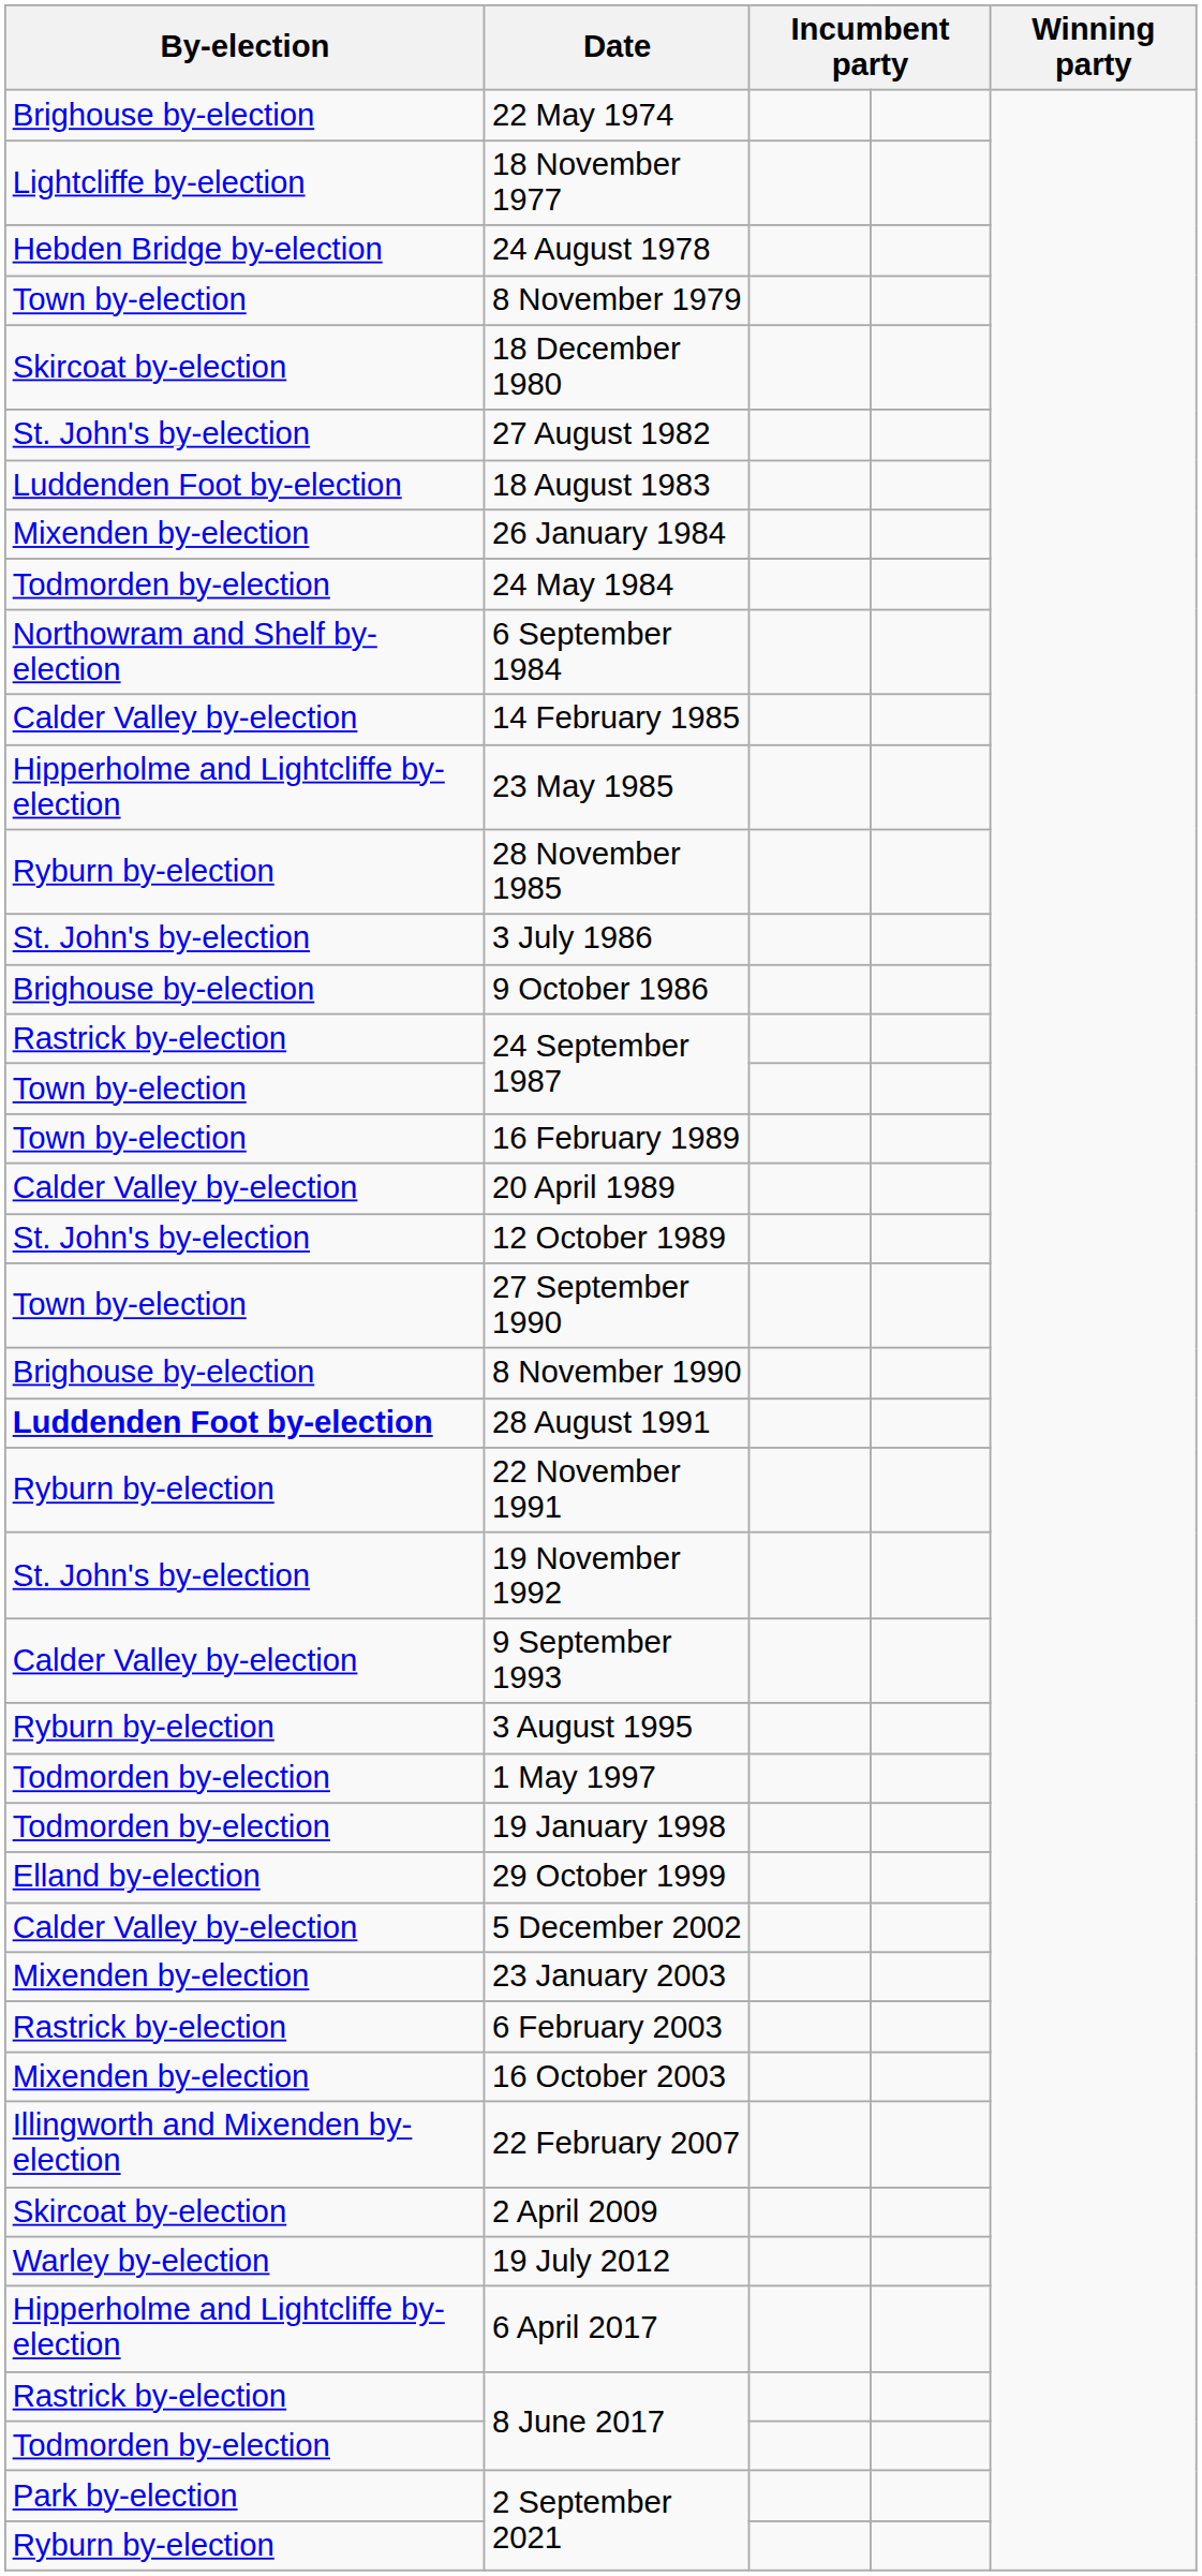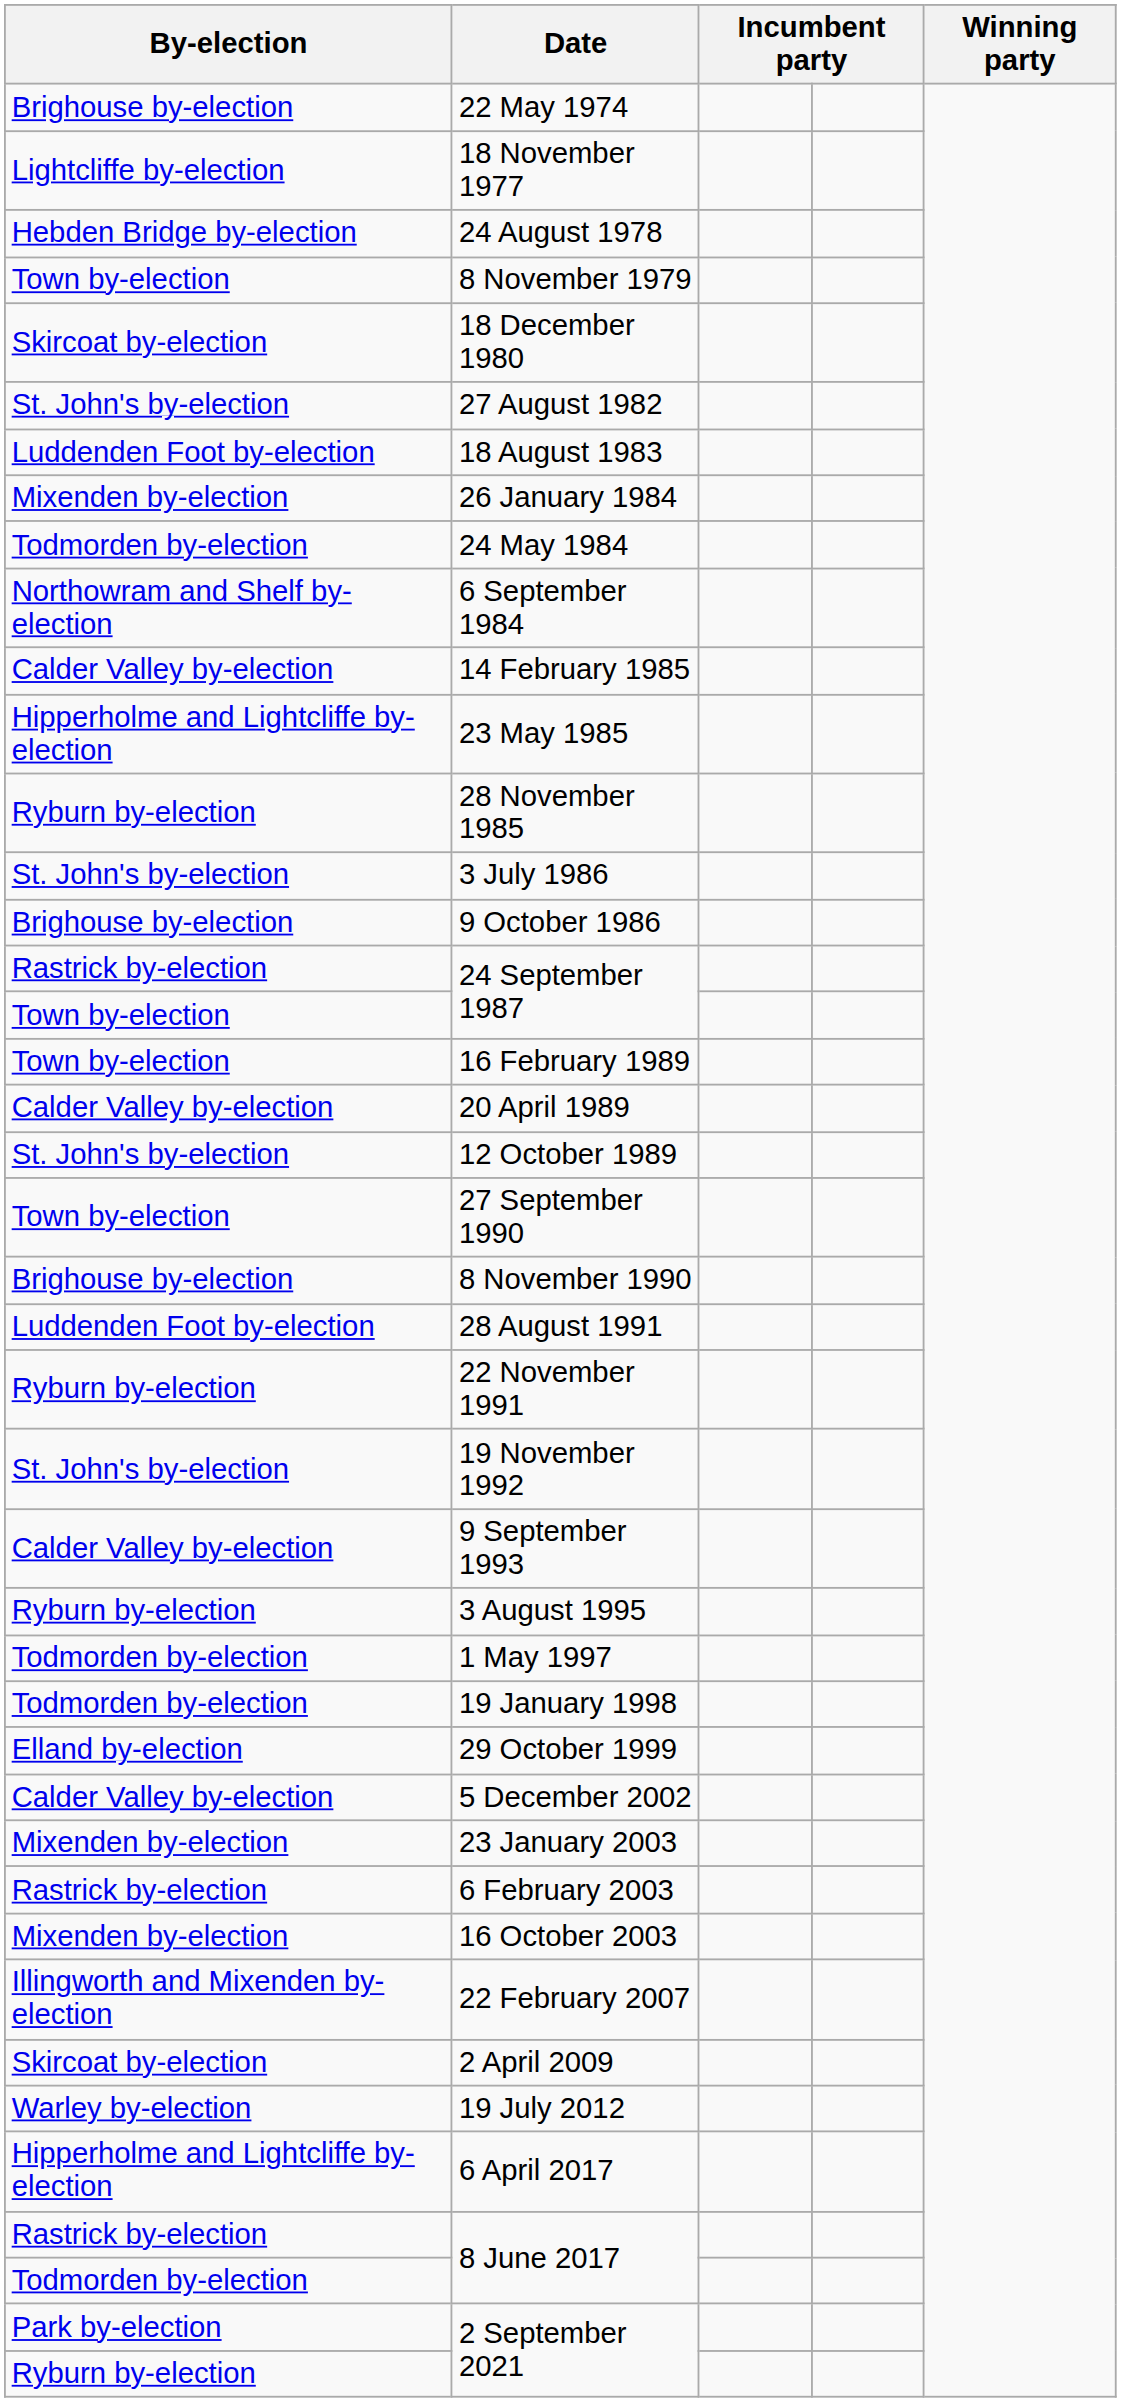 <table class="wikitable">
 <tr>
 <th>By-election</th>
 <th>Date</th>
 <th colspan=2>Incumbent party</th>
 <th colspan=2>Winning party</th>
 </tr>
 <tr>
 <td><a href='#'>Brighouse by-election</a></td>
 <td>22 May 1974</td>
 <td></td>
 <td></td>
 </tr>
 <tr>
 <td><a href='#'>Lightcliffe by-election</a></td>
 <td>18 November 1977</td>
 <td></td>
 <td></td>
 </tr>
 <tr>
 <td><a href='#'>Hebden Bridge by-election</a></td>
 <td>24 August 1978</td>
 <td></td>
 <td></td>
 </tr>
 <tr>
 <td><a href='#'>Town by-election</a></td>
 <td>8 November 1979</td>
 <td></td>
 <td></td>
 </tr>
 <tr>
 <td><a href='#'>Skircoat by-election</a></td>
 <td>18 December 1980</td>
 <td></td>
 <td></td>
 </tr>
 <tr>
 <td><a href='#'>St. John's by-election</a></td>
 <td>27 August 1982</td>
 <td></td>
 <td></td>
 </tr>
 <tr>
 <td><a href='#'>Luddenden Foot by-election</a></td>
 <td>18 August 1983</td>
 <td></td>
 <td></td>
 </tr>
 <tr>
 <td><a href='#'>Mixenden by-election</a></td>
 <td>26 January 1984</td>
 <td></td>
 <td></td>
 </tr>
 <tr>
 <td><a href='#'>Todmorden by-election</a></td>
 <td>24 May 1984</td>
 <td></td>
 <td></td>
 </tr>
 <tr>
 <td><a href='#'>Northowram and Shelf by-election</a></td>
 <td>6 September 1984</td>
 <td></td>
 <td></td>
 </tr>
 <tr>
 <td><a href='#'>Calder Valley by-election</a></td>
 <td>14 February 1985</td>
 <td></td>
 <td></td>
 </tr>
 <tr>
 <td><a href='#'>Hipperholme and Lightcliffe by-election</a></td>
 <td>23 May 1985</td>
 <td></td>
 <td></td>
 </tr>
 <tr>
 <td><a href='#'>Ryburn by-election</a></td>
 <td>28 November 1985</td>
 <td></td>
 <td></td>
 </tr>
 <tr>
 <td><a href='#'>St. John's by-election</a></td>
 <td>3 July 1986</td>
 <td></td>
 <td></td>
 </tr>
 <tr>
 <td><a href='#'>Brighouse by-election</a></td>
 <td>9 October 1986</td>
 <td></td>
 <td></td>
 </tr>
 <tr>
 <td><a href='#'>Rastrick by-election</a></td>
 <td rowspan="2">24 September 1987</td>
 <td></td>
 <td></td>
 </tr>
 <tr>
 <td><a href='#'>Town by-election</a></td>
 <td></td>
 <td></td>
 </tr>
 <tr>
 <td><a href='#'>Town by-election</a></td>
 <td>16 February 1989</td>
 <td></td>
 <td></td>
 </tr>
 <tr>
 <td><a href='#'>Calder Valley by-election</a></td>
 <td>20 April 1989</td>
 <td></td>
 <td></td>
 </tr>
 <tr>
 <td><a href='#'>St. John's by-election</a></td>
 <td>12 October 1989</td>
 <td></td>
 <td></td>
 </tr>
 <tr>
 <td><a href='#'>Town by-election</a></td>
 <td>27 September 1990</td>
 <td></td>
 <td></td>
 </tr>
 <tr>
 <td><a href='#'>Brighouse by-election</a></td>
 <td>8 November 1990</td>
 <td></td>
 <td></td>
 </tr>
 <tr>
-<td><strong><a href='#'>Luddenden Foot by-election</a></strong></td>
+<td><a href='#'>Luddenden Foot by-election</a></td>
 <td>28 August 1991</td>
 <td></td>
 <td></td>
 </tr>
 <tr>
 <td><a href='#'>Ryburn by-election</a></td>
 <td>22 November 1991</td>
 <td></td>
 <td></td>
 </tr>
 <tr>
 <td><a href='#'>St. John's by-election</a></td>
 <td>19 November 1992</td>
 <td></td>
 <td></td>
 </tr>
 <tr>
 <td><a href='#'>Calder Valley by-election</a></td>
 <td>9 September 1993</td>
 <td></td>
 <td></td>
 </tr>
 <tr>
 <td><a href='#'>Ryburn by-election</a></td>
 <td>3 August 1995</td>
 <td></td>
 <td></td>
 </tr>
 <tr>
 <td><a href='#'>Todmorden by-election</a></td>
 <td>1 May 1997</td>
 <td></td>
 <td></td>
 </tr>
 <tr>
 <td><a href='#'>Todmorden by-election</a></td>
 <td>19 January 1998</td>
 <td></td>
 <td></td>
 </tr>
 <tr>
 <td><a href='#'>Elland by-election</a></td>
 <td>29 October 1999</td>
 <td></td>
 <td></td>
 </tr>
 <tr>
 <td><a href='#'>Calder Valley by-election</a></td>
 <td>5 December 2002</td>
 <td></td>
 <td></td>
 </tr>
 <tr>
 <td><a href='#'>Mixenden by-election</a></td>
 <td>23 January 2003</td>
 <td></td>
 <td></td>
 </tr>
 <tr>
 <td><a href='#'>Rastrick by-election</a></td>
 <td>6 February 2003</td>
 <td></td>
 <td></td>
 </tr>
 <tr>
 <td><a href='#'>Mixenden by-election</a></td>
 <td>16 October 2003</td>
 <td></td>
 <td></td>
 </tr>
 <tr>
 <td><a href='#'>Illingworth and Mixenden by-election</a></td>
 <td>22 February 2007</td>
 <td></td>
 <td></td>
 </tr>
 <tr>
 <td><a href='#'>Skircoat by-election</a></td>
 <td>2 April 2009</td>
 <td></td>
 <td></td>
 </tr>
 <tr>
 <td><a href='#'>Warley by-election</a></td>
 <td>19 July 2012</td>
 <td></td>
 <td></td>
 </tr>
 <tr>
 <td><a href='#'>Hipperholme and Lightcliffe by-election</a></td>
 <td>6 April 2017</td>
 <td></td>
 <td></td>
 </tr>
 <tr>
 <td><a href='#'>Rastrick by-election</a></td>
 <td rowspan="2">8 June 2017</td>
 <td></td>
 <td></td>
 </tr>
 <tr>
 <td><a href='#'>Todmorden by-election</a></td>
 <td></td>
 <td></td>
 </tr>
 <tr>
 <td><a href='#'>Park by-election</a></td>
 <td rowspan="2">2 September 2021</td>
 <td></td>
 <td></td>
 </tr>
 <tr>
 <td><a href='#'>Ryburn by-election</a></td>
 <td></td>
 <td></td>
 </tr>
 </table>
